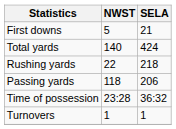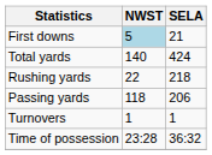 <table class="wikitable" style="float: left;">
 <tr>
 <th>Statistics</th>
 <th>NWST</th>
 <th>SELA</th>
 </tr>
 <tr>
 <td>First downs</td>
-<td>5</td>
+<td style="background: lightblue;">5</td>
 <td>21</td>
 </tr>
 <tr>
 <td>Total yards</td>
 <td>140</td>
 <td>424</td>
 </tr>
 <tr>
 <td>Rushing yards</td>
 <td>22</td>
 <td>218</td>
 </tr>
 <tr>
 <td>Passing yards</td>
 <td>118</td>
 <td>206</td>
 </tr>
 <tr>
+<td>Turnovers</td>
+<td>1</td>
+<td>1</td>
+</tr>
+<tr>
 <td>Time of possession</td>
 <td>23:28</td>
 <td>36:32</td>
 </tr>
 <tr>
-<td>Turnovers</td>
-<td>1</td>
-<td>1</td>
-</tr>
-<tr>
 </tr>
 </table>
